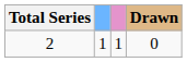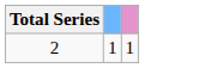 <table class="wikitable">
 <tr>
 <th>Total Series</th>
 <th style="background:#6bb5ff"></th>
 <th style="background:#E494CC"></th>
-<th style="background:#deb887">Drawn</th>
 </tr>
 <tr>
 <td align="center">2</td>
 <td align="center">1</td>
 <td align="center">1</td>
-<td align="center">0</td>
 </tr>
 </table>
